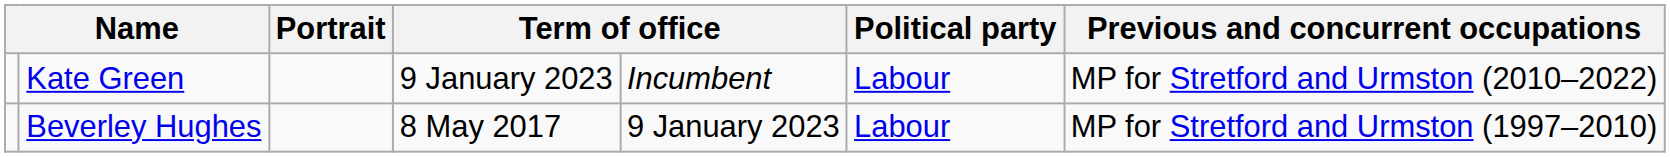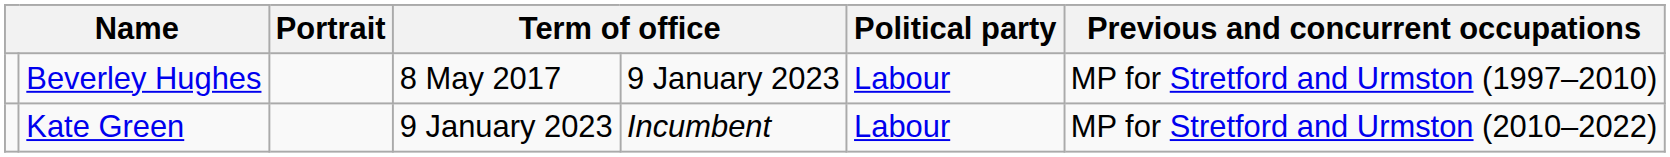 <table class="wikitable">
 <tr>
 <th colspan=2>Name</th>
 <th>Portrait</th>
 <th colspan=2>Term of office</th>
 <th>Political party</th>
 <th>Previous and concurrent occupations</th>
 </tr>
 <tr>
 <td style="background-color: "></td>
+<td><a href='#'>Beverley Hughes</a></td>
+<td></td>
+<td>8 May 2017</td>
+<td>9 January 2023</td>
+<td><a href='#'>Labour</a></td>
+<td>MP for <a href='#'>Stretford and Urmston</a> (1997–2010)</td>
+</tr>
+<tr>
+<td style="background-color: "></td>
 <td><a href='#'>Kate Green</a></td>
 <td></td>
 <td>9 January 2023</td>
 <td><em>Incumbent</em></td>
 <td><a href='#'>Labour</a></td>
 <td>MP for <a href='#'>Stretford and Urmston</a> (2010–2022)</td>
 </tr>
-<tr>
-<td style="background-color: "></td>
-<td><a href='#'>Beverley Hughes</a></td>
-<td></td>
-<td>8 May 2017</td>
-<td>9 January 2023</td>
-<td><a href='#'>Labour</a></td>
-<td>MP for <a href='#'>Stretford and Urmston</a> (1997–2010)</td>
-</tr>
 </table>
